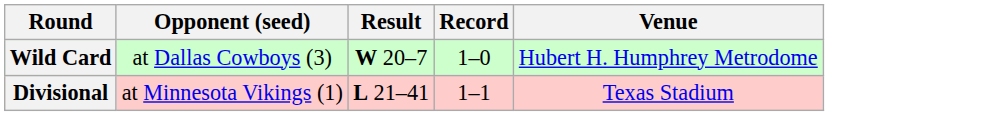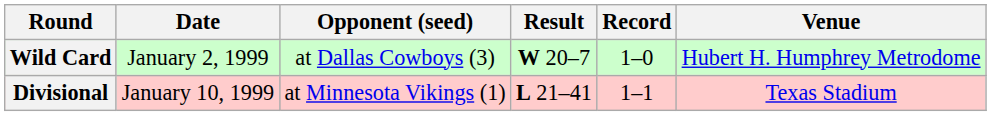 <table class="wikitable" style="text-align:center">
 <tr>
 <th>Round</th>
+<th>Date</th>
 <th>Opponent (seed)</th>
 <th>Result</th>
 <th>Record</th>
 <th>Venue</th>
 </tr>
 <tr style="background:#cfc">
 <th>Wild Card</th>
+<td>January 2, 1999</td>
 <td>at <a href='#'>Dallas Cowboys</a> (3)</td>
 <td><strong>W</strong> 20–7</td>
 <td>1–0</td>
 <td><a href='#'>Hubert H. Humphrey Metrodome</a></td>
 </tr>
 <tr style="background:#fcc">
 <th>Divisional</th>
+<td>January 10, 1999</td>
 <td>at <a href='#'>Minnesota Vikings</a> (1)</td>
 <td><strong>L</strong> 21–41</td>
 <td>1–1</td>
 <td><a href='#'>Texas Stadium</a></td>
 </tr>
 </table>
